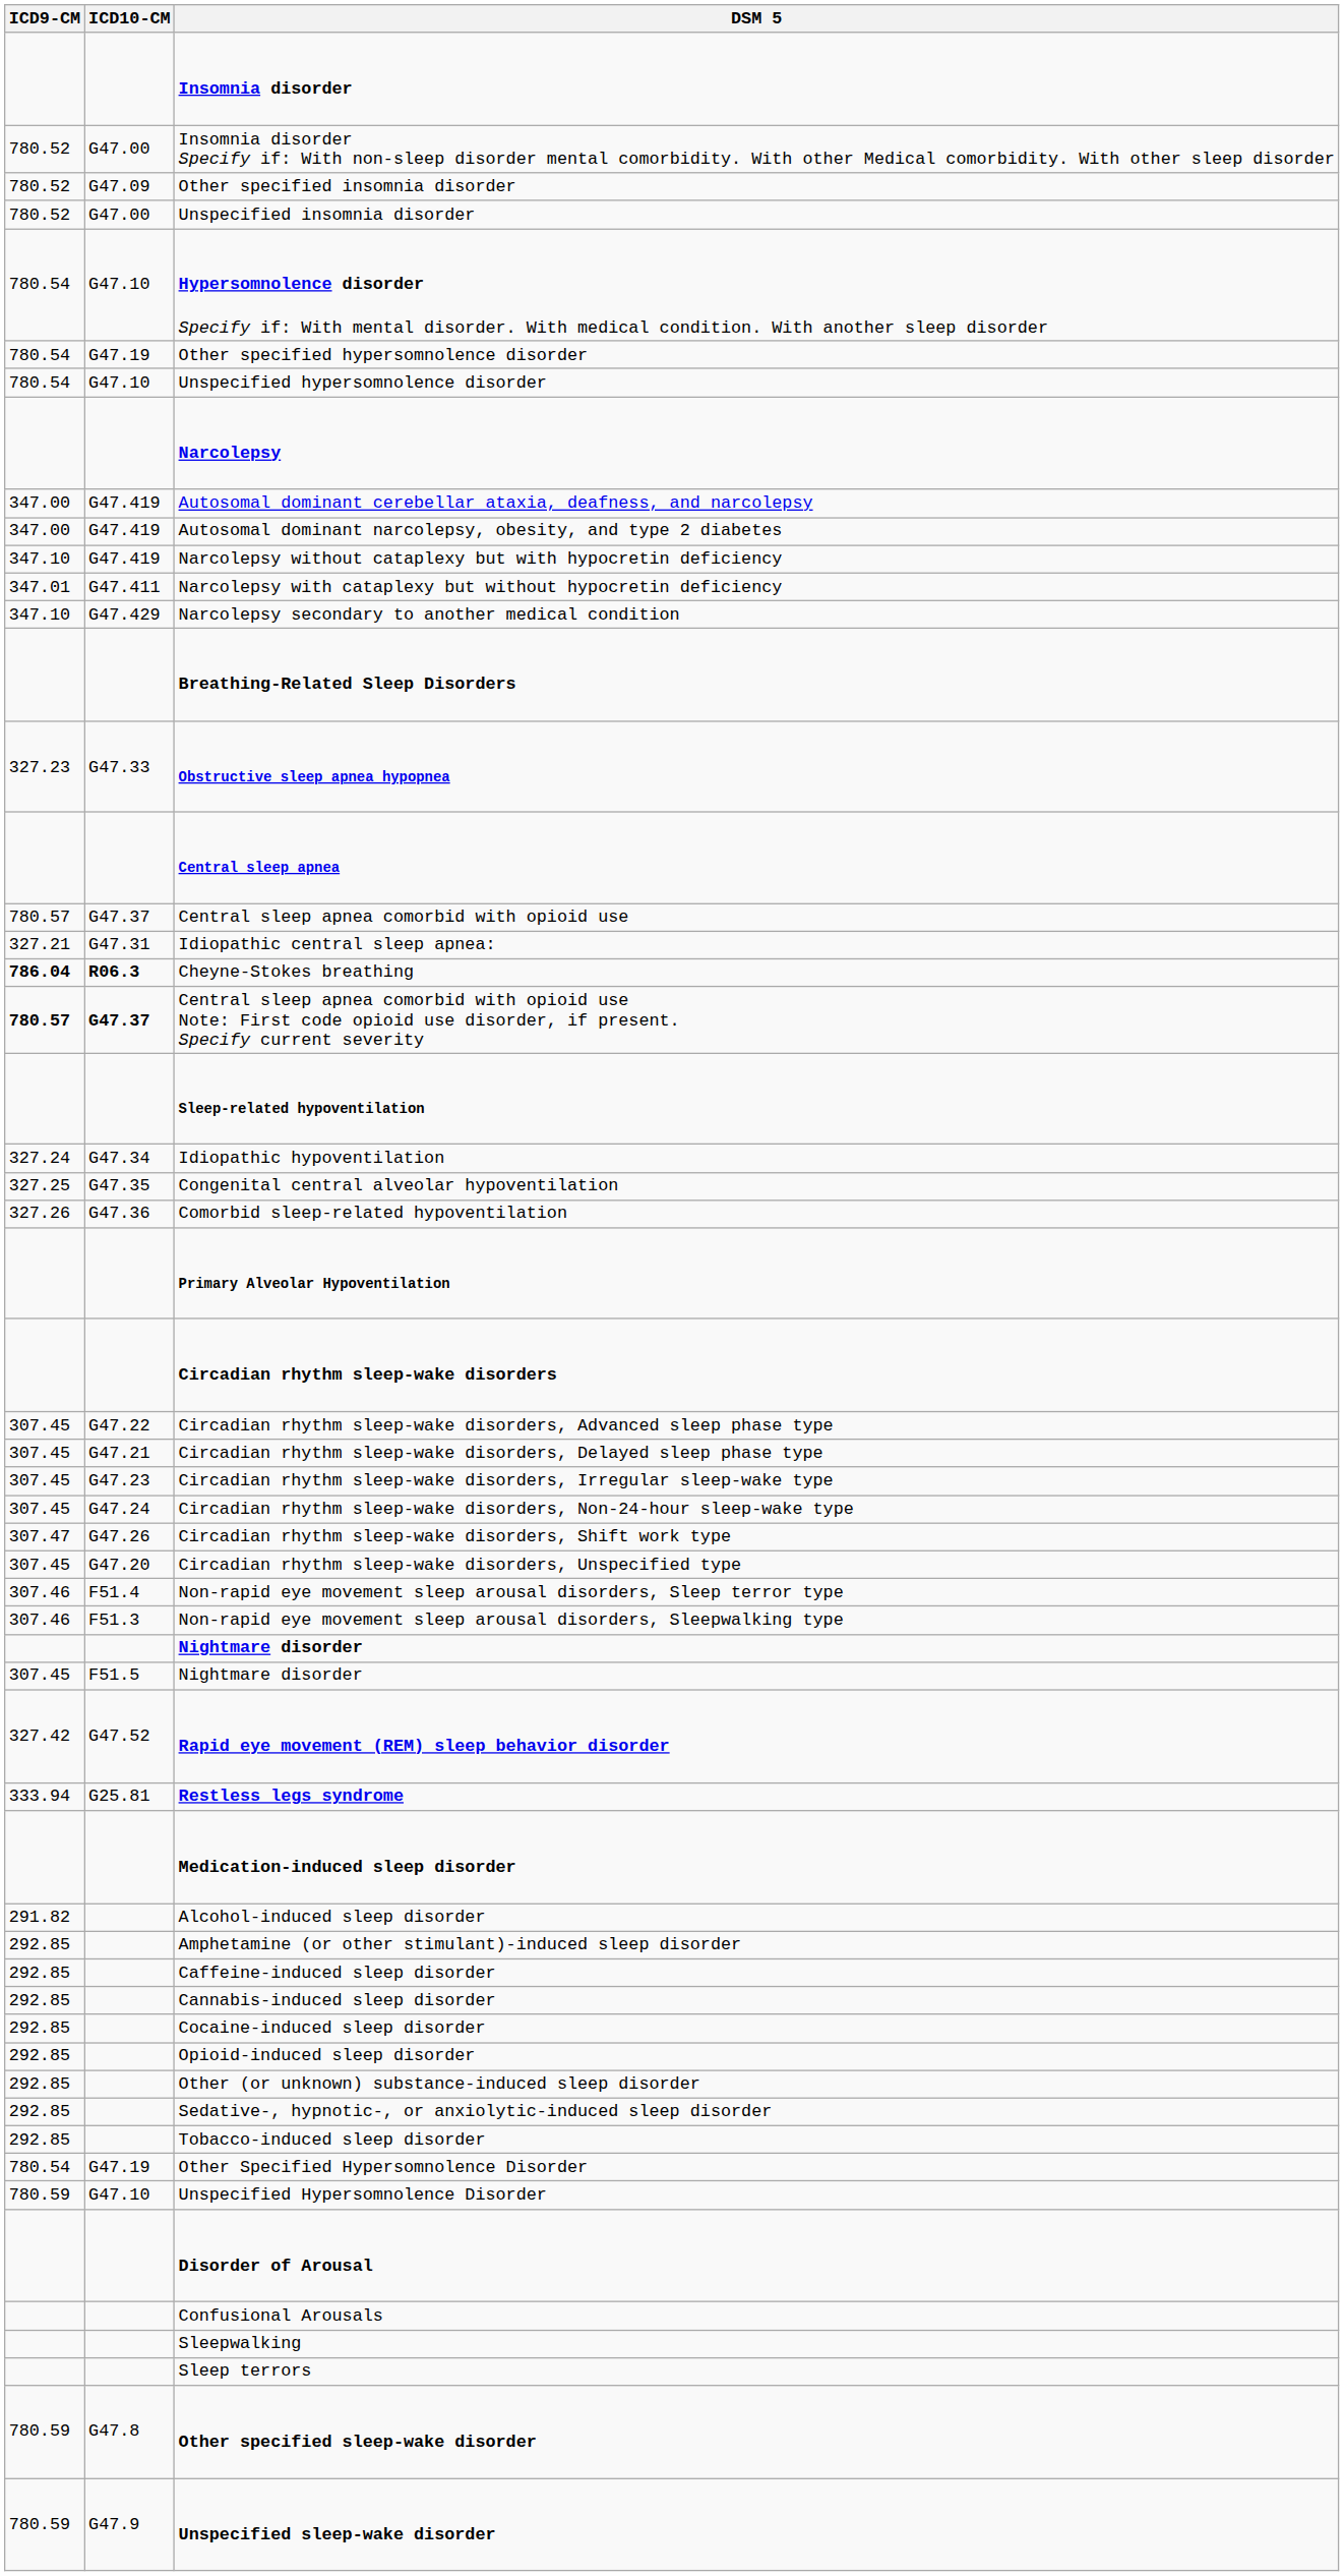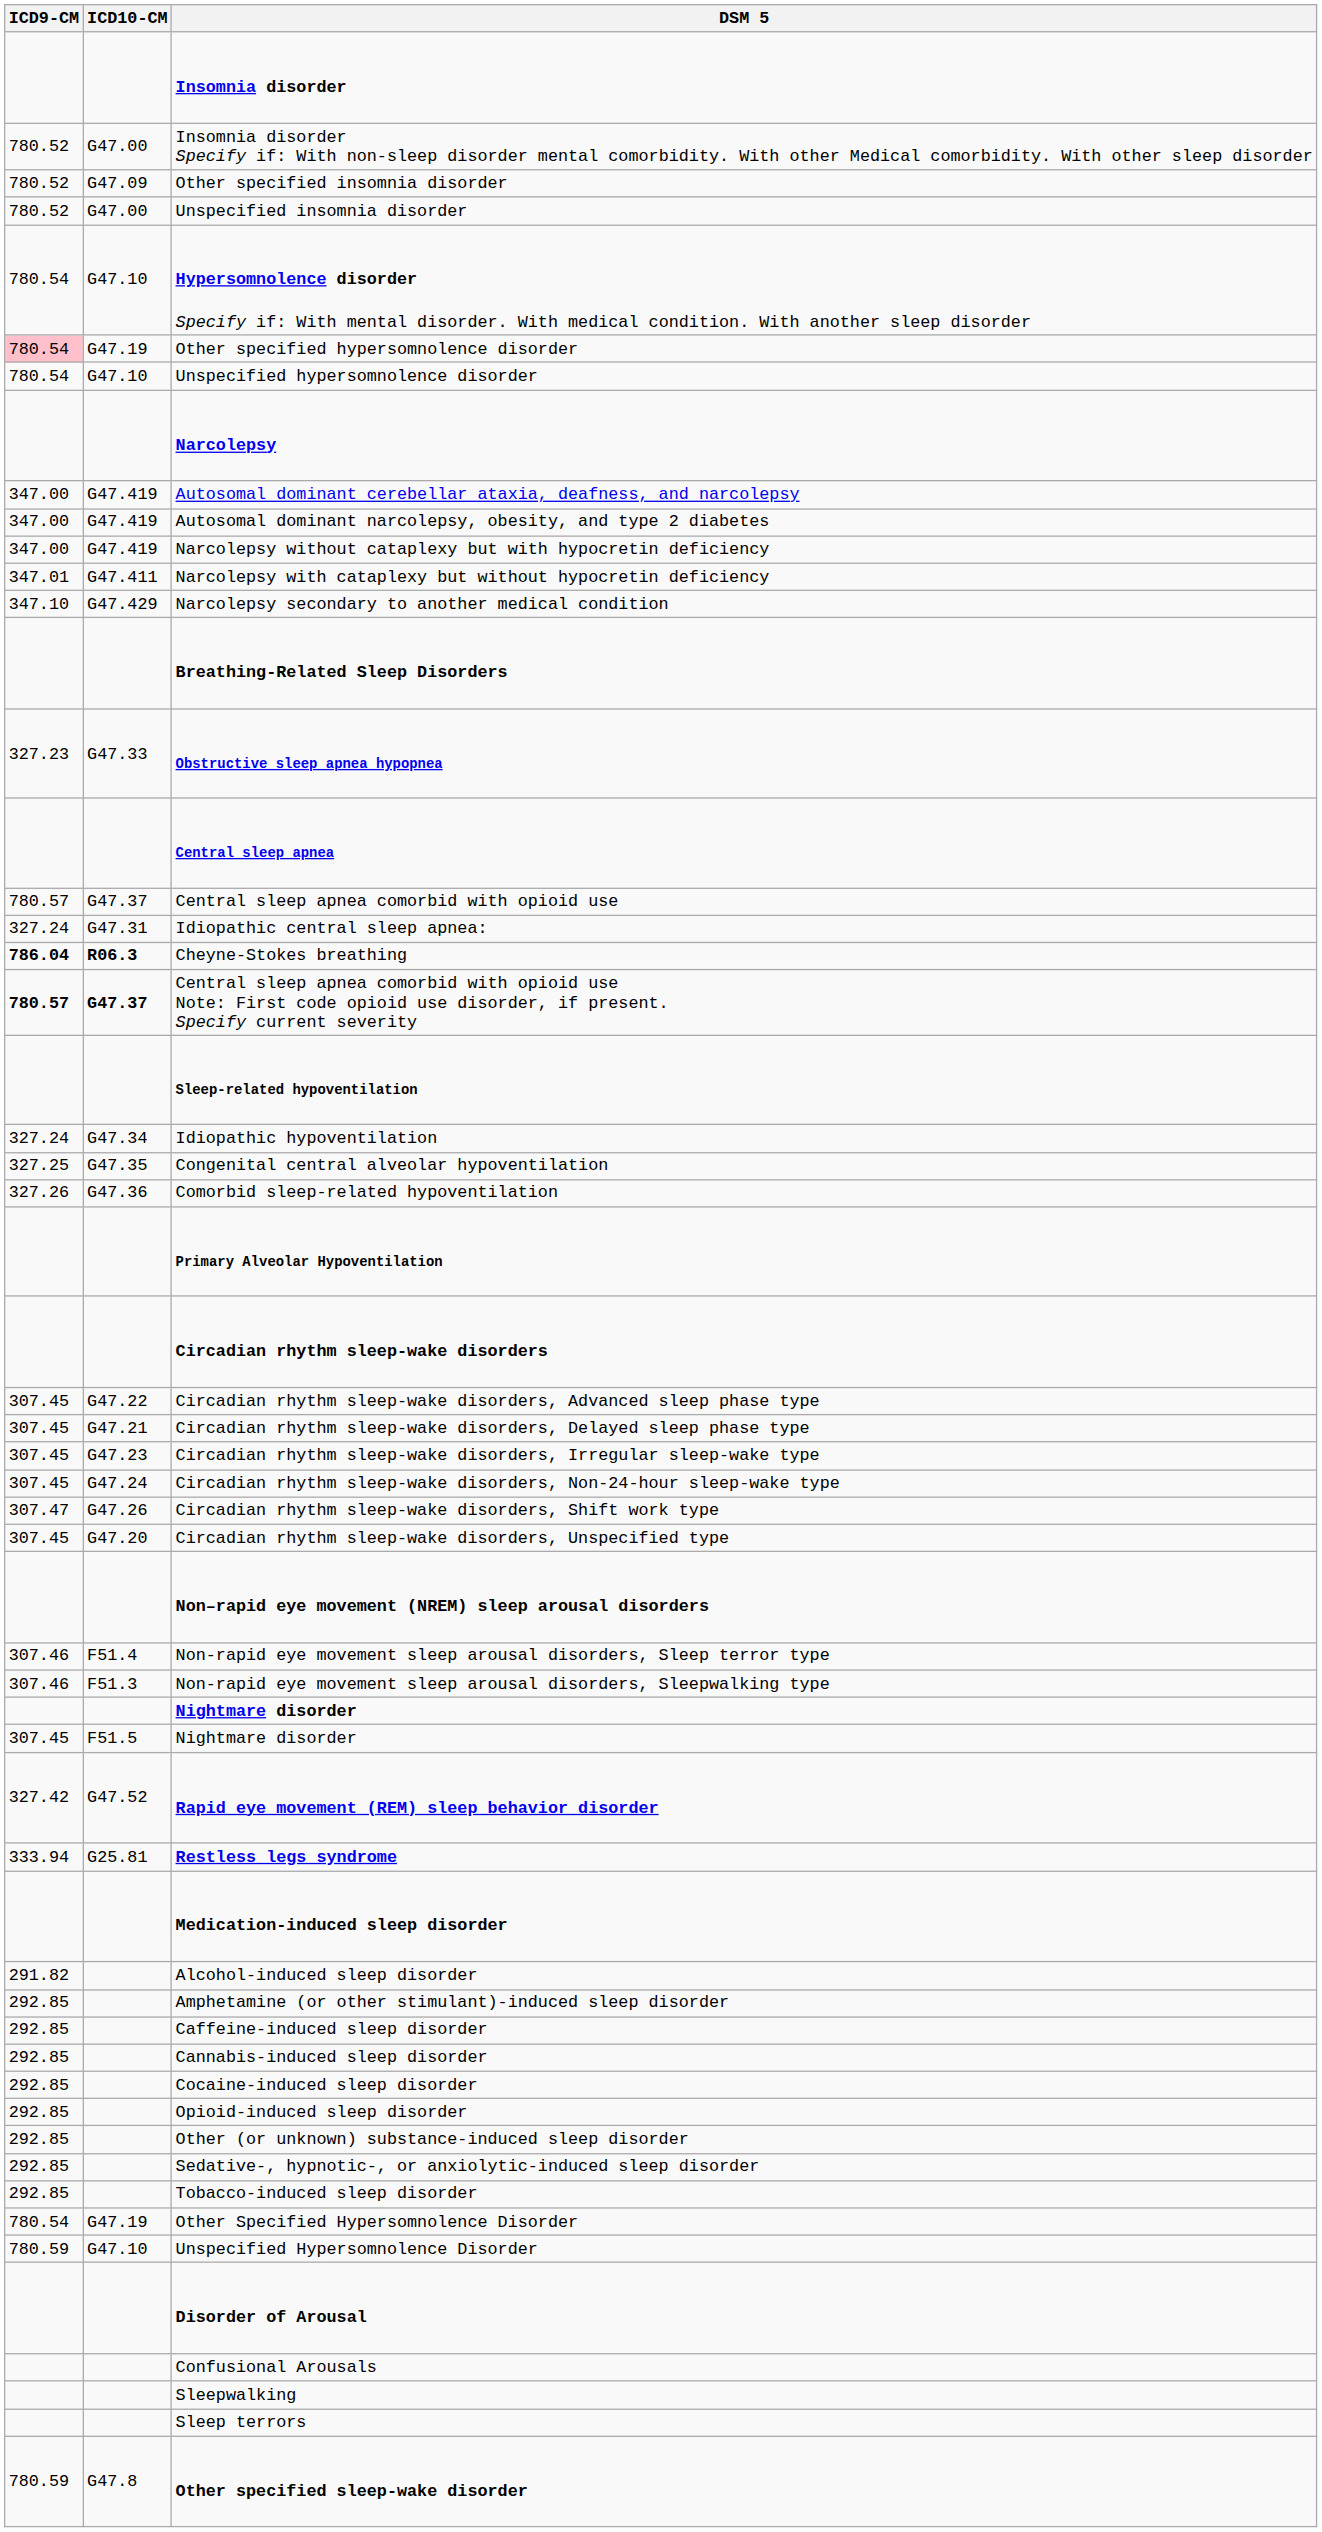 <table class="wikitable">
 <tr>
 <th>ICD9-CM</th>
 <th>ICD10-CM</th>
 <th>DSM 5</th>
 </tr>
 <tr>
 <td></td>
 <td></td>
 <td><br><h4><a href='#'>Insomnia</a> disorder</h4></td>
 </tr>
 <tr>
 <td>780.52</td>
 <td>G47.00</td>
 <td>Insomnia disorder<br><em>Specify</em> if: With non-sleep disorder mental comorbidity. With other Medical comorbidity. With other sleep disorder</td>
 </tr>
 <tr>
 <td>780.52</td>
 <td>G47.09</td>
 <td>Other specified insomnia disorder</td>
 </tr>
 <tr>
 <td>780.52</td>
 <td>G47.00</td>
 <td>Unspecified insomnia disorder</td>
 </tr>
 <tr>
 <td>780.54</td>
 <td>G47.10</td>
 <td><br><h4><a href='#'>Hypersomnolence</a> disorder</h4><em>Specify</em> if: With mental disorder. With medical condition. With another sleep disorder</td>
 </tr>
 <tr>
-<td>780.54</td>
+<td style="background: pink;">780.54</td>
 <td>G47.19</td>
 <td>Other specified hypersomnolence disorder</td>
 </tr>
 <tr>
 <td>780.54</td>
 <td>G47.10</td>
 <td>Unspecified hypersomnolence disorder</td>
 </tr>
 <tr>
 <td></td>
 <td></td>
 <td><br><h4><a href='#'>Narcolepsy</a></h4></td>
 </tr>
 <tr>
 <td>347.00</td>
 <td>G47.419</td>
 <td><a href='#'>Autosomal dominant cerebellar ataxia, deafness, and narcolepsy</a></td>
 </tr>
 <tr>
 <td>347.00</td>
 <td>G47.419</td>
 <td>Autosomal dominant narcolepsy,  obesity, and type 2 diabetes</td>
 </tr>
 <tr>
-<td>347.10</td>
+<td>347.00</td>
 <td>G47.419</td>
 <td>Narcolepsy without cataplexy but with hypocretin deficiency</td>
 </tr>
 <tr>
 <td>347.01</td>
 <td>G47.411</td>
 <td>Narcolepsy with cataplexy but without hypocretin deficiency</td>
 </tr>
 <tr>
 <td>347.10</td>
 <td>G47.429</td>
 <td>Narcolepsy secondary to another medical condition</td>
 </tr>
 <tr>
 <td></td>
 <td></td>
 <td><br><h4>Breathing-Related Sleep Disorders</h4></td>
 </tr>
 <tr>
 <td>327.23</td>
 <td>G47.33</td>
 <td><br><h5><a href='#'>Obstructive sleep apnea hypopnea</a></h5></td>
 </tr>
 <tr>
 <td></td>
 <td></td>
 <td><br><h5><a href='#'>Central sleep apnea</a></h5></td>
 </tr>
 <tr>
 <td>780.57</td>
 <td>G47.37</td>
 <td>Central sleep apnea comorbid with opioid use</td>
 </tr>
 <tr>
-<td>327.21</td>
+<td>327.24</td>
 <td>G47.31</td>
 <td>Idiopathic central sleep apnea:</td>
 </tr>
 <tr>
 <td><strong>786.04</strong></td>
 <td><strong>R06.3</strong></td>
 <td>Cheyne-Stokes breathing</td>
 </tr>
 <tr>
 <td><strong>780.57</strong></td>
 <td><strong>G47.37</strong></td>
 <td>Central sleep apnea comorbid with opioid use<br>Note: First code opioid use disorder, if present.<br><em>Specify</em> current severity</td>
 </tr>
 <tr>
 <td></td>
 <td></td>
 <td><br><h5>Sleep-related hypoventilation</h5></td>
 </tr>
 <tr>
 <td>327.24</td>
 <td>G47.34</td>
 <td>Idiopathic hypoventilation</td>
 </tr>
 <tr>
 <td>327.25</td>
 <td>G47.35</td>
 <td>Congenital central alveolar hypoventilation</td>
 </tr>
 <tr>
 <td>327.26</td>
 <td>G47.36</td>
 <td>Comorbid sleep-related hypoventilation</td>
 </tr>
 <tr>
 <td></td>
 <td></td>
 <td><br><h5>Primary Alveolar Hypoventilation</h5></td>
 </tr>
 <tr>
 <td></td>
 <td></td>
 <td><br><h4>Circadian rhythm sleep-wake disorders</h4></td>
 </tr>
 <tr>
 <td>307.45</td>
 <td>G47.22</td>
 <td>Circadian rhythm sleep-wake disorders, Advanced sleep phase type</td>
 </tr>
 <tr>
 <td>307.45</td>
 <td>G47.21</td>
 <td>Circadian rhythm sleep-wake disorders, Delayed sleep phase type</td>
 </tr>
 <tr>
 <td>307.45</td>
 <td>G47.23</td>
 <td>Circadian rhythm sleep-wake disorders, Irregular sleep-wake type</td>
 </tr>
 <tr>
 <td>307.45</td>
 <td>G47.24</td>
 <td>Circadian rhythm sleep-wake disorders, Non-24-hour sleep-wake type</td>
 </tr>
 <tr>
 <td>307.47</td>
 <td>G47.26</td>
 <td>Circadian rhythm sleep-wake disorders, Shift work type</td>
 </tr>
 <tr>
 <td>307.45</td>
 <td>G47.20</td>
 <td>Circadian rhythm sleep-wake disorders, Unspecified type</td>
+</tr>
+<tr>
+<td></td>
+<td></td>
+<td><br><h4>Non–rapid eye movement (NREM) sleep arousal disorders</h4></td>
 </tr>
 <tr>
 <td>307.46</td>
 <td>F51.4</td>
 <td>Non-rapid eye movement sleep arousal disorders, Sleep terror type</td>
 </tr>
 <tr>
 <td>307.46</td>
 <td>F51.3</td>
 <td>Non-rapid eye movement sleep arousal disorders, Sleepwalking type</td>
 </tr>
 <tr>
 <td></td>
 <td></td>
 <td><strong><a href='#'>Nightmare</a> disorder</strong></td>
 </tr>
 <tr>
 <td>307.45</td>
 <td>F51.5</td>
 <td>Nightmare disorder</td>
 </tr>
 <tr>
 <td>327.42</td>
 <td>G47.52</td>
 <td><br><h4><a href='#'>Rapid eye movement (REM) sleep behavior disorder</a></h4></td>
 </tr>
 <tr>
 <td>333.94</td>
 <td>G25.81</td>
 <td><strong><a href='#'>Restless legs syndrome</a></strong></td>
 </tr>
 <tr>
 <td></td>
 <td></td>
 <td><br><h4>Medication-induced sleep disorder</h4></td>
 </tr>
 <tr>
 <td>291.82</td>
 <td></td>
 <td>Alcohol-induced sleep disorder</td>
 </tr>
 <tr>
 <td>292.85</td>
 <td></td>
 <td>Amphetamine (or other stimulant)-induced sleep disorder</td>
 </tr>
 <tr>
 <td>292.85</td>
 <td></td>
 <td>Caffeine-induced sleep disorder</td>
 </tr>
 <tr>
 <td>292.85</td>
 <td></td>
 <td>Cannabis-induced sleep disorder</td>
 </tr>
 <tr>
 <td>292.85</td>
 <td></td>
 <td>Cocaine-induced sleep disorder</td>
 </tr>
 <tr>
 <td>292.85</td>
 <td></td>
 <td>Opioid-induced sleep disorder</td>
 </tr>
 <tr>
 <td>292.85</td>
 <td></td>
 <td>Other (or unknown)  substance-induced sleep disorder</td>
 </tr>
 <tr>
 <td>292.85</td>
 <td></td>
 <td>Sedative-, hypnotic-, or anxiolytic-induced sleep disorder</td>
 </tr>
 <tr>
 <td>292.85</td>
 <td></td>
 <td>Tobacco-induced sleep disorder</td>
 </tr>
 <tr>
 <td>780.54</td>
 <td>G47.19</td>
 <td>Other Specified Hypersomnolence Disorder</td>
 </tr>
 <tr>
 <td>780.59</td>
 <td>G47.10</td>
 <td>Unspecified Hypersomnolence Disorder</td>
 </tr>
 <tr>
 <td></td>
 <td></td>
 <td><br><h4>Disorder of Arousal</h4></td>
 </tr>
 <tr>
 <td></td>
 <td></td>
 <td>Confusional Arousals</td>
 </tr>
 <tr>
 <td></td>
 <td></td>
 <td>Sleepwalking</td>
 </tr>
 <tr>
 <td></td>
 <td></td>
 <td>Sleep terrors</td>
 </tr>
 <tr>
 <td>780.59</td>
 <td>G47.8</td>
 <td><br><h4>Other specified sleep-wake disorder</h4></td>
 </tr>
-<tr>
-<td>780.59</td>
-<td>G47.9</td>
-<td><br><h4>Unspecified sleep-wake disorder</h4></td>
-</tr>
 </table>
